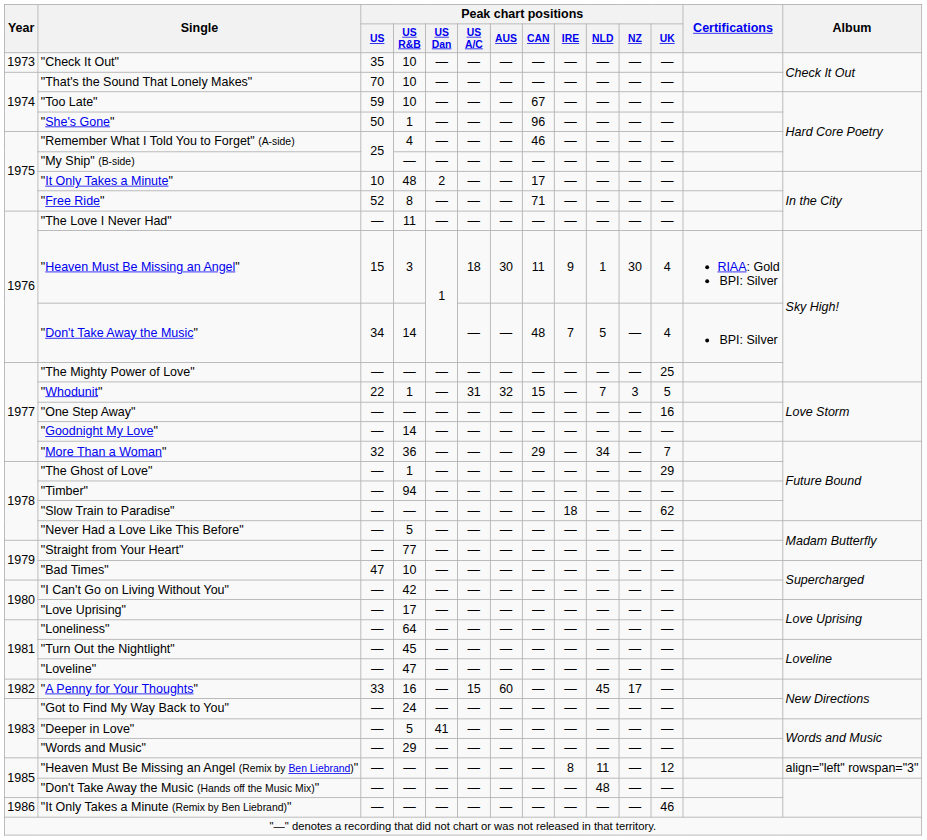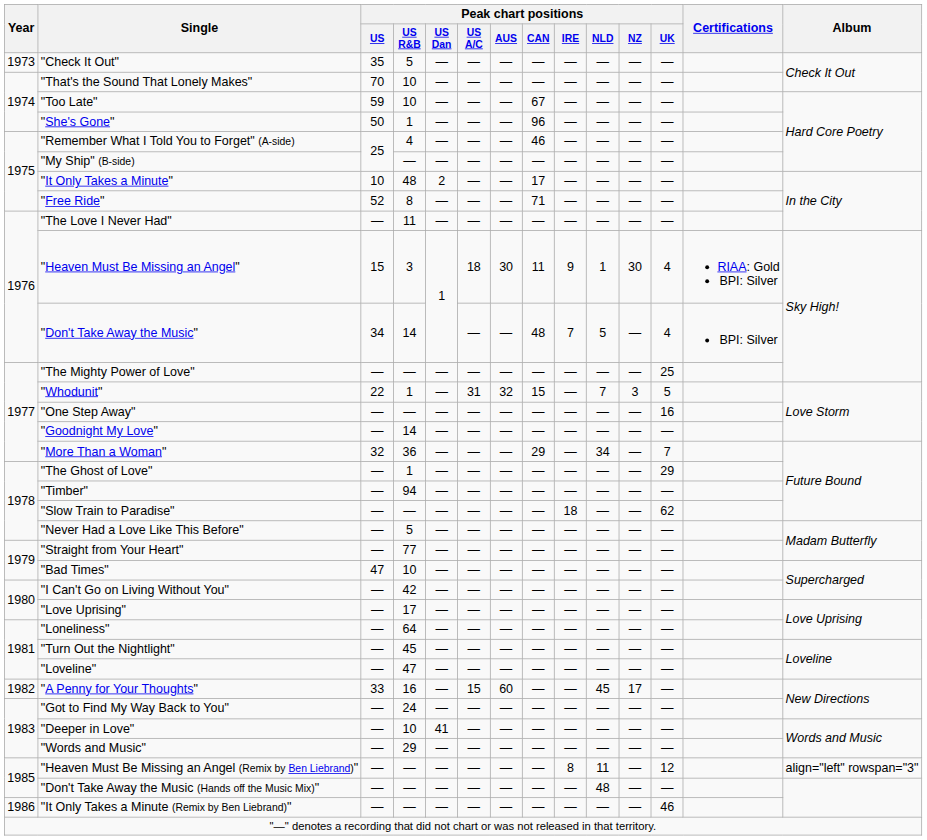 <table class="wikitable" style="text-align:center;">
 <tr>
 <th rowspan="2">Year</th>
 <th rowspan="2">Single</th>
 <th colspan="10">Peak chart positions</th>
 <th rowspan="2"><a href='#'>Certifications</a></th>
 <th rowspan="2">Album</th>
 </tr>
 <tr style="font-size:smaller;">
 <th style="width:35px;"><a href='#'>US</a><br></th>
 <th style="width:35px;"><a href='#'>US R&B</a><br></th>
 <th style="width:35px;"><a href='#'>US Dan</a><br></th>
 <th style="width:35px;"><a href='#'>US<br>A/C</a><br></th>
 <th style="width:35px;"><a href='#'>AUS</a><br></th>
 <th style="width:35px;"><a href='#'>CAN</a><br></th>
 <th style="width:35px;"><a href='#'>IRE</a><br></th>
 <th style="width:35px;"><a href='#'>NLD</a><br></th>
 <th style="width:35px;"><a href='#'>NZ</a><br></th>
 <th style="width:35px;"><a href='#'>UK</a><br></th>
 </tr>
 <tr>
 <td>1973</td>
 <td style="text-align:left;">"Check It Out"</td>
 <td>35</td>
-<td>10</td>
+<td>5</td>
 <td>—</td>
 <td>—</td>
 <td>—</td>
 <td>—</td>
 <td>—</td>
 <td>—</td>
 <td>—</td>
 <td>—</td>
 <td></td>
 <td style="text-align:left;" rowspan="2"><em>Check It Out</em></td>
 </tr>
 <tr>
 <td rowspan="3">1974</td>
 <td style="text-align:left;">"That's the Sound That Lonely Makes"</td>
 <td>70</td>
 <td>10</td>
 <td>—</td>
 <td>—</td>
 <td>—</td>
 <td>—</td>
 <td>—</td>
 <td>—</td>
 <td>—</td>
 <td>—</td>
 <td></td>
 </tr>
 <tr>
 <td style="text-align:left;">"Too Late"</td>
 <td>59</td>
 <td>10</td>
 <td>—</td>
 <td>—</td>
 <td>—</td>
 <td>67</td>
 <td>—</td>
 <td>—</td>
 <td>—</td>
 <td>—</td>
 <td></td>
 <td style="text-align:left;" rowspan="4"><em>Hard Core Poetry</em></td>
 </tr>
 <tr>
 <td style="text-align:left;">"<a href='#'>She's Gone</a>"</td>
 <td>50</td>
 <td>1</td>
 <td>—</td>
 <td>—</td>
 <td>—</td>
 <td>96</td>
 <td>—</td>
 <td>—</td>
 <td>—</td>
 <td>—</td>
 <td></td>
 </tr>
 <tr>
 <td rowspan="4">1975</td>
 <td style="text-align:left;">"Remember What I Told You to Forget" <small>(A-side)</small></td>
 <td rowspan="2">25</td>
 <td>4</td>
 <td>—</td>
 <td>—</td>
 <td>—</td>
 <td>46</td>
 <td>—</td>
 <td>—</td>
 <td>—</td>
 <td>—</td>
 <td></td>
 </tr>
 <tr>
 <td style="text-align:left;">"My Ship" <small>(B-side)</small></td>
 <td>—</td>
 <td>—</td>
 <td>—</td>
 <td>—</td>
 <td>—</td>
 <td>—</td>
 <td>—</td>
 <td>—</td>
 <td>—</td>
 <td></td>
 </tr>
 <tr>
 <td style="text-align:left;">"<a href='#'>It Only Takes a Minute</a>"</td>
 <td>10</td>
 <td>48</td>
 <td>2</td>
 <td>—</td>
 <td>—</td>
 <td>17</td>
 <td>—</td>
 <td>—</td>
 <td>—</td>
 <td>—</td>
 <td></td>
 <td style="text-align:left;" rowspan="3"><em>In the City</em></td>
 </tr>
 <tr>
 <td style="text-align:left;">"<a href='#'>Free Ride</a>"</td>
 <td>52</td>
 <td>8</td>
 <td>—</td>
 <td>—</td>
 <td>—</td>
 <td>71</td>
 <td>—</td>
 <td>—</td>
 <td>—</td>
 <td>—</td>
 <td></td>
 </tr>
 <tr>
 <td rowspan="3">1976</td>
 <td style="text-align:left;">"The Love I Never Had"</td>
 <td>—</td>
 <td>11</td>
 <td>—</td>
 <td>—</td>
 <td>—</td>
 <td>—</td>
 <td>—</td>
 <td>—</td>
 <td>—</td>
 <td>—</td>
 <td></td>
 </tr>
 <tr>
 <td style="text-align:left;">"<a href='#'>Heaven Must Be Missing an Angel</a>"</td>
 <td>15</td>
 <td>3</td>
 <td rowspan="2">1</td>
 <td>18</td>
 <td>30</td>
 <td>11</td>
 <td>9</td>
 <td>1</td>
 <td>30</td>
 <td>4</td>
 <td><br><ul><li><a href='#'>RIAA</a>: Gold</li><li>BPI: Silver</li></ul></td>
 <td style="text-align:left;" rowspan="3"><em>Sky High!</em></td>
 </tr>
 <tr>
 <td style="text-align:left;">"<a href='#'>Don't Take Away the Music</a>"</td>
 <td>34</td>
 <td>14</td>
 <td>—</td>
 <td>—</td>
 <td>48</td>
 <td>7</td>
 <td>5</td>
 <td>—</td>
 <td>4</td>
 <td><br><ul><li>BPI: Silver</li></ul></td>
 </tr>
 <tr>
 <td rowspan="5">1977</td>
 <td style="text-align:left;">"The Mighty Power of Love"</td>
 <td>—</td>
 <td>—</td>
 <td>—</td>
 <td>—</td>
 <td>—</td>
 <td>—</td>
 <td>—</td>
 <td>—</td>
 <td>—</td>
 <td>25</td>
 <td></td>
 </tr>
 <tr>
 <td style="text-align:left;">"<a href='#'>Whodunit</a>"</td>
 <td>22</td>
 <td>1</td>
 <td>—</td>
 <td>31</td>
 <td>32</td>
 <td>15</td>
 <td>—</td>
 <td>7</td>
 <td>3</td>
 <td>5</td>
 <td></td>
 <td style="text-align:left;" rowspan="3"><em>Love Storm</em></td>
 </tr>
 <tr>
 <td style="text-align:left;">"One Step Away"</td>
 <td>—</td>
 <td>—</td>
 <td>—</td>
 <td>—</td>
 <td>—</td>
 <td>—</td>
 <td>—</td>
 <td>—</td>
 <td>—</td>
 <td>16</td>
 <td></td>
 </tr>
 <tr>
 <td style="text-align:left;">"<a href='#'>Goodnight My Love</a>"</td>
 <td>—</td>
 <td>14</td>
 <td>—</td>
 <td>—</td>
 <td>—</td>
 <td>—</td>
 <td>—</td>
 <td>—</td>
 <td>—</td>
 <td>—</td>
 <td></td>
 </tr>
 <tr>
 <td style="text-align:left;">"<a href='#'>More Than a Woman</a>"</td>
 <td>32</td>
 <td>36</td>
 <td>—</td>
 <td>—</td>
 <td>—</td>
 <td>29</td>
 <td>—</td>
 <td>34</td>
 <td>—</td>
 <td>7</td>
 <td></td>
 <td style="text-align:left;" rowspan="4"><em>Future Bound</em></td>
 </tr>
 <tr>
 <td rowspan="4">1978</td>
 <td style="text-align:left;">"The Ghost of Love"</td>
 <td>—</td>
 <td>1</td>
 <td>—</td>
 <td>—</td>
 <td>—</td>
 <td>—</td>
 <td>—</td>
 <td>—</td>
 <td>—</td>
 <td>29</td>
 <td></td>
 </tr>
 <tr>
 <td style="text-align:left;">"Timber"</td>
 <td>—</td>
 <td>94</td>
 <td>—</td>
 <td>—</td>
 <td>—</td>
 <td>—</td>
 <td>—</td>
 <td>—</td>
 <td>—</td>
 <td>—</td>
 <td></td>
 </tr>
 <tr>
 <td style="text-align:left;">"Slow Train to Paradise"</td>
 <td>—</td>
 <td>—</td>
 <td>—</td>
 <td>—</td>
 <td>—</td>
 <td>—</td>
 <td>18</td>
 <td>—</td>
 <td>—</td>
 <td>62</td>
 <td></td>
 </tr>
 <tr>
 <td style="text-align:left;">"Never Had a Love Like This Before"</td>
 <td>—</td>
 <td>5</td>
 <td>—</td>
 <td>—</td>
 <td>—</td>
 <td>—</td>
 <td>—</td>
 <td>—</td>
 <td>—</td>
 <td>—</td>
 <td></td>
 <td style="text-align:left;" rowspan="2"><em>Madam Butterfly</em></td>
 </tr>
 <tr>
 <td rowspan="2">1979</td>
 <td style="text-align:left;">"Straight from Your Heart"</td>
 <td>—</td>
 <td>77</td>
 <td>—</td>
 <td>—</td>
 <td>—</td>
 <td>—</td>
 <td>—</td>
 <td>—</td>
 <td>—</td>
 <td>—</td>
 <td></td>
 </tr>
 <tr>
 <td style="text-align:left;">"Bad Times"</td>
 <td>47</td>
 <td>10</td>
 <td>—</td>
 <td>—</td>
 <td>—</td>
 <td>—</td>
 <td>—</td>
 <td>—</td>
 <td>—</td>
 <td>—</td>
 <td></td>
 <td style="text-align:left;" rowspan="2"><em>Supercharged</em></td>
 </tr>
 <tr>
 <td rowspan="2">1980</td>
 <td style="text-align:left;">"I Can't Go on Living Without You"</td>
 <td>—</td>
 <td>42</td>
 <td>—</td>
 <td>—</td>
 <td>—</td>
 <td>—</td>
 <td>—</td>
 <td>—</td>
 <td>—</td>
 <td>—</td>
 <td></td>
 </tr>
 <tr>
 <td style="text-align:left;">"Love Uprising"</td>
 <td>—</td>
 <td>17</td>
 <td>—</td>
 <td>—</td>
 <td>—</td>
 <td>—</td>
 <td>—</td>
 <td>—</td>
 <td>—</td>
 <td>—</td>
 <td></td>
 <td style="text-align:left;" rowspan="2"><em>Love Uprising</em></td>
 </tr>
 <tr>
 <td rowspan="3">1981</td>
 <td style="text-align:left;">"Loneliness"</td>
 <td>—</td>
 <td>64</td>
 <td>—</td>
 <td>—</td>
 <td>—</td>
 <td>—</td>
 <td>—</td>
 <td>—</td>
 <td>—</td>
 <td>—</td>
 <td></td>
 </tr>
 <tr>
 <td style="text-align:left;">"Turn Out the Nightlight"</td>
 <td>—</td>
 <td>45</td>
 <td>—</td>
 <td>—</td>
 <td>—</td>
 <td>—</td>
 <td>—</td>
 <td>—</td>
 <td>—</td>
 <td>—</td>
 <td></td>
 <td style="text-align:left;" rowspan="2"><em>Loveline</em></td>
 </tr>
 <tr>
 <td style="text-align:left;">"Loveline"</td>
 <td>—</td>
 <td>47</td>
 <td>—</td>
 <td>—</td>
 <td>—</td>
 <td>—</td>
 <td>—</td>
 <td>—</td>
 <td>—</td>
 <td>—</td>
 <td></td>
 </tr>
 <tr>
 <td>1982</td>
 <td style="text-align:left;">"<a href='#'>A Penny for Your Thoughts</a>"</td>
 <td>33</td>
 <td>16</td>
 <td>—</td>
 <td>15</td>
 <td>60</td>
 <td>—</td>
 <td>—</td>
 <td>45</td>
 <td>17</td>
 <td>—</td>
 <td></td>
 <td style="text-align:left;" rowspan="2"><em>New Directions</em></td>
 </tr>
 <tr>
 <td rowspan="3">1983</td>
 <td style="text-align:left;">"Got to Find My Way Back to You"</td>
 <td>—</td>
 <td>24</td>
 <td>—</td>
 <td>—</td>
 <td>—</td>
 <td>—</td>
 <td>—</td>
 <td>—</td>
 <td>—</td>
 <td>—</td>
 <td></td>
 </tr>
 <tr>
 <td style="text-align:left;">"Deeper in Love"</td>
 <td>—</td>
-<td>5</td>
+<td>10</td>
 <td>41</td>
 <td>—</td>
 <td>—</td>
 <td>—</td>
 <td>—</td>
 <td>—</td>
 <td>—</td>
 <td>—</td>
 <td></td>
 <td style="text-align:left;" rowspan="2"><em>Words and Music</em></td>
 </tr>
 <tr>
 <td style="text-align:left;">"Words and Music"</td>
 <td>—</td>
 <td>29</td>
 <td>—</td>
 <td>—</td>
 <td>—</td>
 <td>—</td>
 <td>—</td>
 <td>—</td>
 <td>—</td>
 <td>—</td>
 <td></td>
 </tr>
 <tr>
 <td rowspan="2">1985</td>
 <td style="text-align:left;">"Heaven Must Be Missing an Angel <small>(Remix by <a href='#'>Ben Liebrand</a>)</small>"</td>
 <td>—</td>
 <td>—</td>
 <td>—</td>
 <td>—</td>
 <td>—</td>
 <td>—</td>
 <td>8</td>
 <td>11</td>
 <td>—</td>
 <td>12</td>
 <td></td>
 <td>align="left" rowspan="3" </td>
 </tr>
 <tr>
 <td style="text-align:left;">"Don't Take Away the Music <small>(Hands off the Music Mix)</small>"</td>
 <td>—</td>
 <td>—</td>
 <td>—</td>
 <td>—</td>
 <td>—</td>
 <td>—</td>
 <td>—</td>
 <td>48</td>
 <td>—</td>
 <td>—</td>
 <td></td>
 </tr>
 <tr>
 <td>1986</td>
 <td style="text-align:left;">"It Only Takes a Minute <small>(Remix by Ben Liebrand)</small>"</td>
 <td>—</td>
 <td>—</td>
 <td>—</td>
 <td>—</td>
 <td>—</td>
 <td>—</td>
 <td>—</td>
 <td>—</td>
 <td>—</td>
 <td>46</td>
 <td></td>
 </tr>
 <tr>
 <td colspan="15" style="font-size:90%">"—" denotes a recording that did not chart or was not released in that territory.</td>
 </tr>
 </table>
